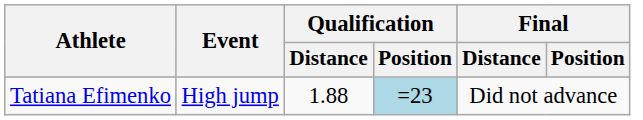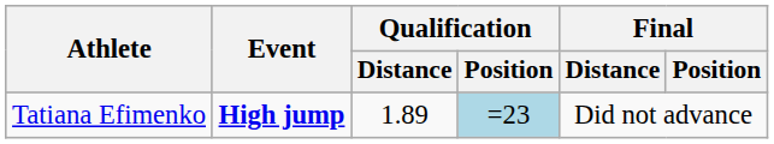 <table class=wikitable style="font-size:90%">
 <tr>
 <th rowspan="2">Athlete</th>
 <th rowspan="2">Event</th>
 <th colspan="2">Qualification</th>
 <th colspan="2">Final</th>
 </tr>
 <tr style="font-size:95%">
 <th>Distance</th>
 <th>Position</th>
 <th>Distance</th>
 <th>Position</th>
 </tr>
 <tr align=center>
 <td align=left><a href='#'>Tatiana Efimenko</a></td>
-<td align=left><a href='#'>High jump</a></td>
-<td>1.88</td>
+<td align=left><strong><a href='#'>High jump</a></strong></td>
+<td>1.89</td>
 <td style="background: lightblue;">=23</td>
 <td colspan=2>Did not advance</td>
 </tr>
 </table>
